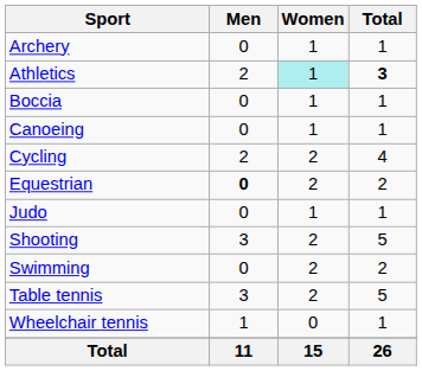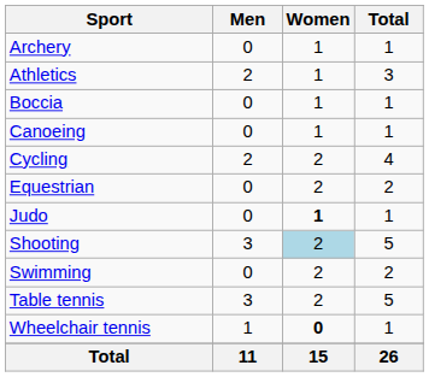 <table class="wikitable sortable" style="text-align:center;">
 <tr>
 <th width=180>Sport</th>
 <th width=55>Men</th>
 <th width=55>Women</th>
 <th width=55>Total</th>
 </tr>
 <tr>
 <td align=left><a href='#'>Archery</a></td>
 <td>0</td>
 <td>1</td>
 <td>1</td>
 </tr>
 <tr>
 <td align=left><a href='#'>Athletics</a></td>
 <td>2</td>
-<td style="background: paleturquoise;">1</td>
-<td><strong>3</strong></td>
+<td>1</td>
+<td>3</td>
 </tr>
 <tr>
 <td align=left><a href='#'>Boccia</a></td>
 <td>0</td>
 <td>1</td>
 <td>1</td>
 </tr>
 <tr>
 <td align=left><a href='#'>Canoeing</a></td>
 <td>0</td>
 <td>1</td>
 <td>1</td>
 </tr>
 <tr>
 <td align=left><a href='#'>Cycling</a></td>
 <td>2</td>
 <td>2</td>
 <td>4</td>
 </tr>
 <tr>
 <td align=left><a href='#'>Equestrian</a></td>
-<td><strong>0</strong></td>
+<td>0</td>
 <td>2</td>
 <td>2</td>
 </tr>
 <tr>
 <td align=left><a href='#'>Judo</a></td>
 <td>0</td>
-<td>1</td>
+<td><strong>1</strong></td>
 <td>1</td>
 </tr>
 <tr>
 <td align=left><a href='#'>Shooting</a></td>
 <td>3</td>
-<td>2</td>
+<td style="background: lightblue;">2</td>
 <td>5</td>
 </tr>
 <tr>
 <td align=left><a href='#'>Swimming</a></td>
 <td>0</td>
 <td>2</td>
 <td>2</td>
 </tr>
 <tr>
 <td align=left><a href='#'>Table tennis</a></td>
 <td>3</td>
 <td>2</td>
 <td>5</td>
 </tr>
 <tr>
 <td align=left><a href='#'>Wheelchair tennis</a></td>
 <td>1</td>
-<td>0</td>
+<td><strong>0</strong></td>
 <td>1</td>
 </tr>
 <tr>
 </tr>
 <tr class="sortbottom">
 <th>Total</th>
 <th>11</th>
 <th>15</th>
 <th>26</th>
 </tr>
 </table>
